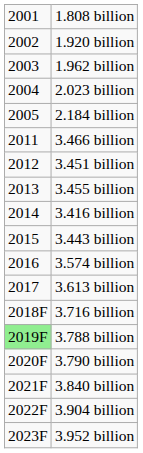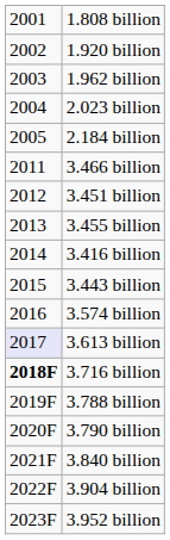 <table class="wikitable">
 <tr>
 <td>2001</td>
 <td>1.808 billion</td>
 </tr>
 <tr>
 <td>2002</td>
 <td>1.920 billion</td>
 </tr>
 <tr>
 <td>2003</td>
 <td>1.962 billion</td>
 </tr>
 <tr>
 <td>2004</td>
 <td>2.023 billion</td>
 </tr>
 <tr>
 <td>2005</td>
 <td>2.184 billion</td>
 </tr>
 <tr>
 <td>2011</td>
 <td>3.466 billion</td>
 </tr>
 <tr>
 <td>2012</td>
 <td>3.451 billion</td>
 </tr>
 <tr>
 <td>2013</td>
 <td>3.455 billion</td>
 </tr>
 <tr>
 <td>2014</td>
 <td>3.416 billion</td>
 </tr>
 <tr>
 <td>2015</td>
 <td>3.443 billion</td>
 </tr>
 <tr>
 <td>2016</td>
 <td>3.574 billion</td>
 </tr>
 <tr>
-<td>2017</td>
+<td style="background: lavender;">2017</td>
 <td>3.613 billion</td>
 </tr>
 <tr>
-<td>2018F</td>
+<td><strong>2018F</strong></td>
 <td>3.716 billion</td>
 </tr>
 <tr>
-<td style="background: lightgreen;">2019F</td>
+<td>2019F</td>
 <td>3.788 billion</td>
 </tr>
 <tr>
 <td>2020F</td>
 <td>3.790 billion</td>
 </tr>
 <tr>
 <td>2021F</td>
 <td>3.840 billion</td>
 </tr>
 <tr>
 <td>2022F</td>
 <td>3.904 billion</td>
 </tr>
 <tr>
 <td>2023F</td>
 <td>3.952 billion</td>
 </tr>
 </table>
